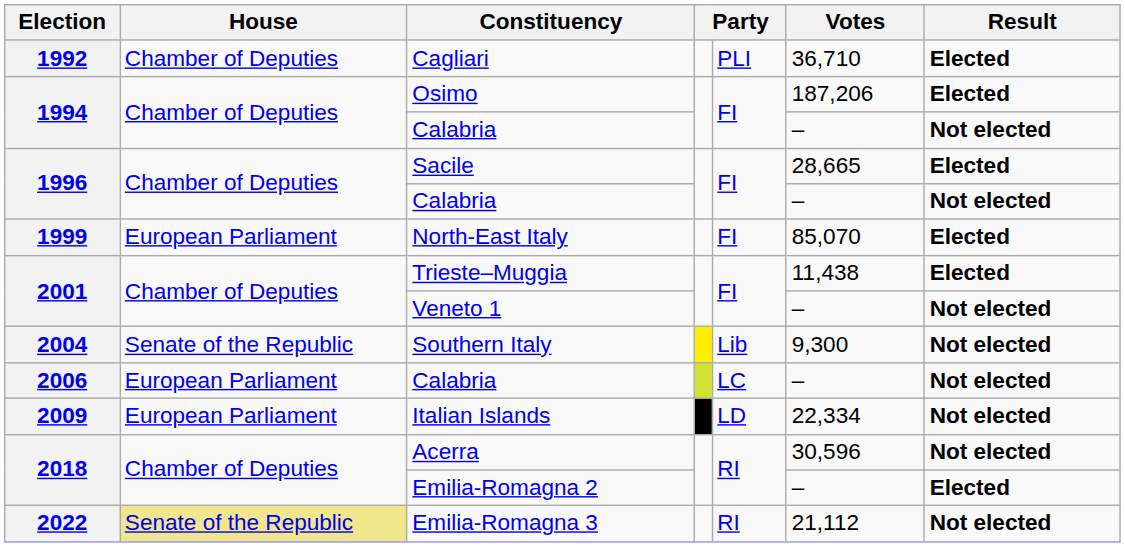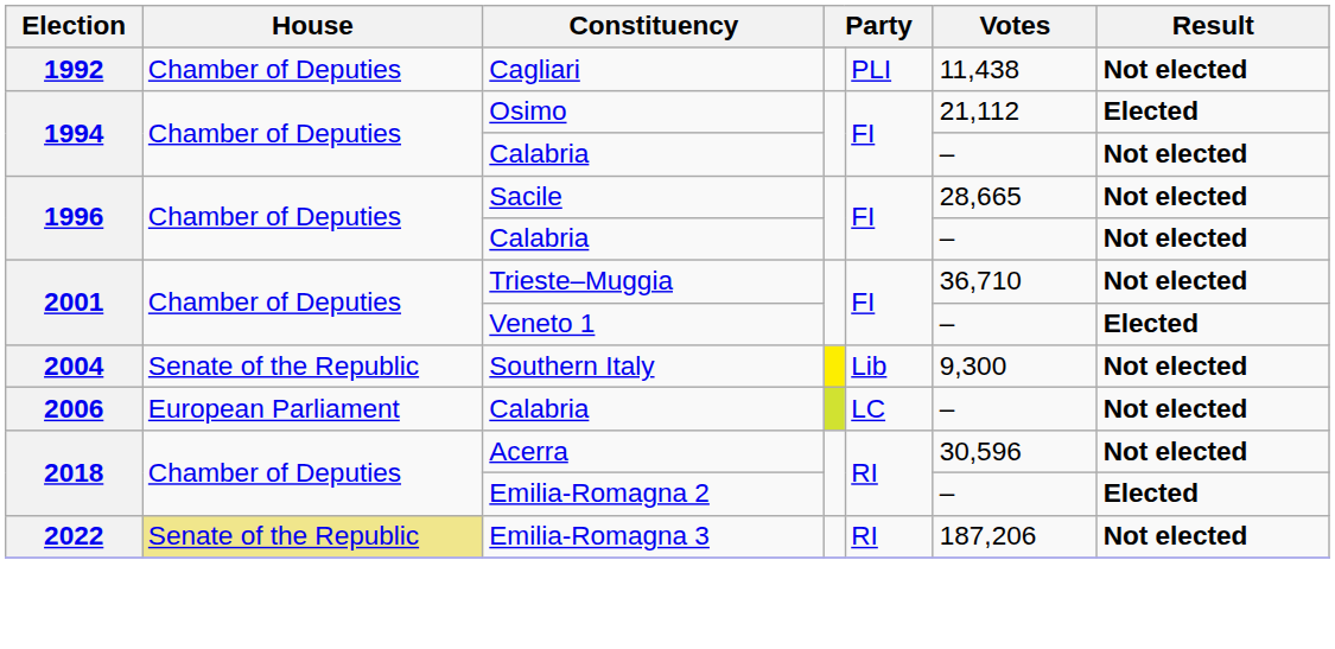 <table class=wikitable style="width:50%; border:1px #AAAAFF solid">
 <tr>
 <th width=10%>Election</th>
 <th width=25%>House</th>
 <th width=25%>Constituency</th>
 <th width=8% colspan="2">Party</th>
 <th width=12%>Votes</th>
 <th width=17%>Result</th>
 </tr>
 <tr>
 <th><a href='#'>1992</a></th>
 <td><a href='#'>Chamber of Deputies</a></td>
 <td><a href='#'>Cagliari</a></td>
 <td></td>
 <td><a href='#'>PLI</a></td>
-<td>36,710</td>
-<td> <strong>Elected</strong></td>
+<td>11,438</td>
+<td> <strong>Not elected</strong></td>
 </tr>
 <tr>
 <th rowspan=2><a href='#'>1994</a></th>
 <td rowspan=2><a href='#'>Chamber of Deputies</a></td>
 <td><a href='#'>Osimo</a></td>
 <td rowspan=2></td>
 <td rowspan=2><a href='#'>FI</a></td>
-<td>187,206</td>
+<td>21,112</td>
 <td> <strong>Elected</strong></td>
 </tr>
 <tr>
 <td><a href='#'>Calabria</a></td>
 <td>–</td>
 <td> <strong>Not elected</strong></td>
 </tr>
 <tr>
 <th rowspan=2><a href='#'>1996</a></th>
 <td rowspan=2><a href='#'>Chamber of Deputies</a></td>
 <td><a href='#'>Sacile</a></td>
 <td rowspan=2></td>
 <td rowspan=2><a href='#'>FI</a></td>
 <td>28,665</td>
-<td> <strong>Elected</strong></td>
+<td> <strong>Not elected</strong></td>
 </tr>
 <tr>
 <td><a href='#'>Calabria</a></td>
 <td>–</td>
 <td> <strong>Not elected</strong></td>
 </tr>
 <tr>
-<th><a href='#'>1999</a></th>
-<td><a href='#'>European Parliament</a></td>
-<td><a href='#'>North-East Italy</a></td>
-<td></td>
-<td><a href='#'>FI</a></td>
-<td>85,070</td>
-<td> <strong>Elected</strong></td>
-</tr>
-<tr>
 <th rowspan=2><a href='#'>2001</a></th>
 <td rowspan=2><a href='#'>Chamber of Deputies</a></td>
 <td><a href='#'>Trieste–Muggia</a></td>
 <td rowspan=2></td>
 <td rowspan=2><a href='#'>FI</a></td>
-<td>11,438</td>
-<td> <strong>Elected</strong></td>
+<td>36,710</td>
+<td> <strong>Not elected</strong></td>
 </tr>
 <tr>
 <td><a href='#'>Veneto 1</a></td>
 <td>–</td>
-<td> <strong>Not elected</strong></td>
+<td> <strong>Elected</strong></td>
 </tr>
 <tr>
 <th><a href='#'>2004</a></th>
 <td><a href='#'>Senate of the Republic</a></td>
 <td><a href='#'>Southern Italy</a></td>
 <td bgcolor="#FDEE00"></td>
 <td><a href='#'>Lib</a></td>
 <td>9,300</td>
 <td> <strong>Not elected</strong></td>
 </tr>
 <tr>
 <th><a href='#'>2006</a></th>
 <td><a href='#'>European Parliament</a></td>
 <td><a href='#'>Calabria</a></td>
 <td bgcolor="#D1E231"></td>
 <td><a href='#'>LC</a></td>
 <td>–</td>
-<td> <strong>Not elected</strong></td>
-</tr>
-<tr>
-<th><a href='#'>2009</a></th>
-<td><a href='#'>European Parliament</a></td>
-<td><a href='#'>Italian Islands</a></td>
-<td bgcolor="black"></td>
-<td><a href='#'>LD</a></td>
-<td>22,334</td>
 <td> <strong>Not elected</strong></td>
 </tr>
 <tr>
 <th rowspan=2><a href='#'>2018</a></th>
 <td rowspan=2><a href='#'>Chamber of Deputies</a></td>
 <td><a href='#'>Acerra</a></td>
 <td rowspan=2></td>
 <td rowspan=2><a href='#'>RI</a></td>
 <td>30,596</td>
 <td> <strong>Not elected</strong></td>
 </tr>
 <tr>
 <td><a href='#'>Emilia-Romagna 2</a></td>
 <td>–</td>
 <td> <strong>Elected</strong></td>
 </tr>
 <tr>
 <th><a href='#'>2022</a></th>
 <td style="background: khaki;"><a href='#'>Senate of the Republic</a></td>
 <td><a href='#'>Emilia-Romagna 3</a></td>
 <td></td>
 <td><a href='#'>RI</a></td>
-<td>21,112</td>
+<td>187,206</td>
 <td> <strong>Not elected</strong></td>
 </tr>
 <tr>
 </tr>
 </table>
